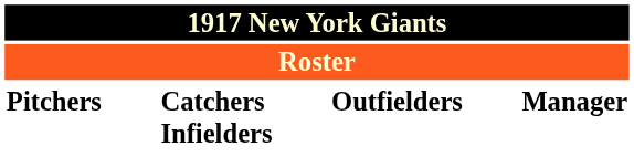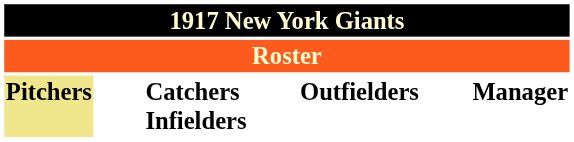 <table class="toccolours" style="font-size: 95%;">
 <tr>
 <th colspan="10" style="background:black; color:#fffdd0; text-align:center;">1917 New York Giants</th>
 </tr>
 <tr>
 <td colspan="10" style="background:#fd5a1e; color:#fffdd0; text-align:center;"><strong>Roster</strong></td>
 </tr>
 <tr>
-<td valign="top"><strong>Pitchers</strong><br>               </td>
+<td valign="top" style="background: khaki;"><strong>Pitchers</strong><br>               </td>
 <td style="width:25px;"></td>
 <td valign="top"><strong>Catchers</strong><br>       <strong>Infielders</strong>               </td>
 <td style="width:25px;"></td>
 <td valign="top"><strong>Outfielders</strong><br>           </td>
 <td style="width:25px;"></td>
 <td valign="top"><strong>Manager</strong><br></td>
 </tr>
 </table>
